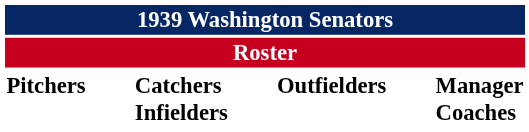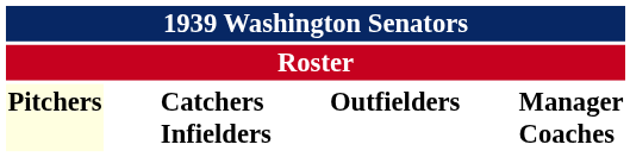 <table class="toccolours" style="font-size: 95%;">
 <tr>
 <th colspan="10" style="background-color: #072764; color: white; text-align: center;">1939 Washington Senators</th>
 </tr>
 <tr>
 <td colspan="10" style="background-color: #c6011f; color: white; text-align: center;"><strong>Roster</strong></td>
 </tr>
 <tr>
-<td valign="top"><strong>Pitchers</strong><br>               </td>
+<td valign="top" style="background: lightyellow;"><strong>Pitchers</strong><br>               </td>
 <td width="25px"></td>
 <td valign="top"><strong>Catchers</strong><br>    <strong>Infielders</strong>            </td>
 <td width="25px"></td>
 <td valign="top"><strong>Outfielders</strong><br>       </td>
 <td width="25px"></td>
 <td valign="top"><strong>Manager</strong><br> <strong>Coaches</strong>  </td>
 </tr>
 <tr>
 </tr>
 </table>
